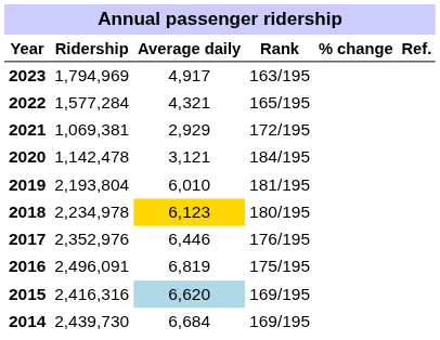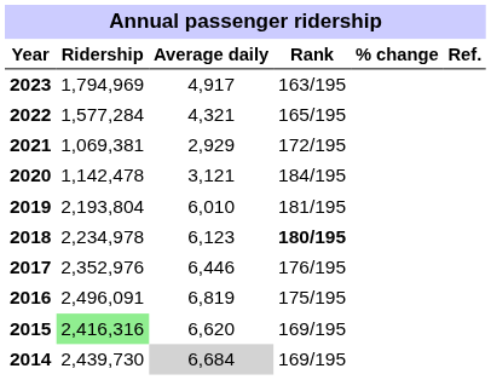 <table class="toccolours" cellpadding="4" cellspacing="0" style="text-align:right;">
 <tr>
 <th colspan="6"  style="background-color:#ccf; background-color:#ccf; font-size:110%; text-align:center;">Annual passenger ridership</th>
 </tr>
 <tr style="font-size:95%; text-align:center">
 <th style="border-bottom:1px solid black">Year</th>
 <th style="border-bottom:1px solid black">Ridership</th>
 <th style="border-bottom:1px solid black">Average daily</th>
 <th style="border-bottom:1px solid black">Rank</th>
 <th style="border-bottom:1px solid black">% change</th>
 <th style="border-bottom:1px solid black">Ref.</th>
 </tr>
 <tr style="text-align:center;">
 <td><strong>2023</strong></td>
 <td>1,794,969</td>
 <td>4,917</td>
 <td>163/195</td>
 <td></td>
 <td></td>
 </tr>
 <tr style="text-align:center;">
 <td><strong>2022</strong></td>
 <td>1,577,284</td>
 <td>4,321</td>
 <td>165/195</td>
 <td></td>
 <td></td>
 </tr>
 <tr style="text-align:center;">
 <td><strong>2021</strong></td>
 <td>1,069,381</td>
 <td>2,929</td>
 <td>172/195</td>
 <td></td>
 <td></td>
 </tr>
 <tr style="text-align:center;">
 <td><strong>2020</strong></td>
 <td>1,142,478</td>
 <td>3,121</td>
 <td>184/195</td>
 <td></td>
 <td></td>
 </tr>
 <tr style="text-align:center;">
 <td><strong>2019</strong></td>
 <td>2,193,804</td>
 <td>6,010</td>
 <td>181/195</td>
 <td></td>
 <td></td>
 </tr>
 <tr style="text-align:center;">
 <td><strong>2018</strong></td>
 <td>2,234,978</td>
-<td style="background: gold;">6,123</td>
-<td>180/195</td>
+<td>6,123</td>
+<td><strong>180/195</strong></td>
 <td></td>
 <td></td>
 </tr>
 <tr style="text-align:center;">
 <td><strong>2017</strong></td>
 <td>2,352,976</td>
 <td>6,446</td>
 <td>176/195</td>
 <td></td>
 <td></td>
 </tr>
 <tr style="text-align:center;">
 <td><strong>2016</strong></td>
 <td>2,496,091</td>
 <td>6,819</td>
 <td>175/195</td>
 <td></td>
 <td></td>
 </tr>
 <tr style="text-align:center;">
 <td><strong>2015</strong></td>
-<td>2,416,316</td>
-<td style="background: lightblue;">6,620</td>
+<td style="background: lightgreen;">2,416,316</td>
+<td>6,620</td>
 <td>169/195</td>
 <td></td>
 <td></td>
 </tr>
 <tr style="text-align:center;">
 <td><strong>2014</strong></td>
 <td>2,439,730</td>
-<td>6,684</td>
+<td style="background: lightgrey;">6,684</td>
 <td>169/195</td>
 <td></td>
 <td></td>
 </tr>
 </table>
